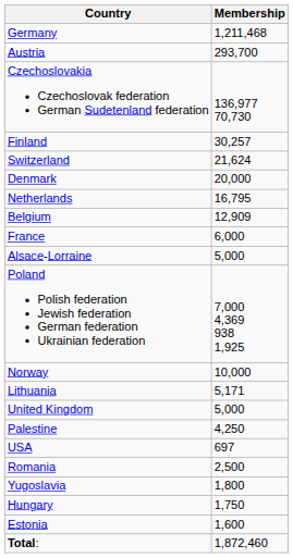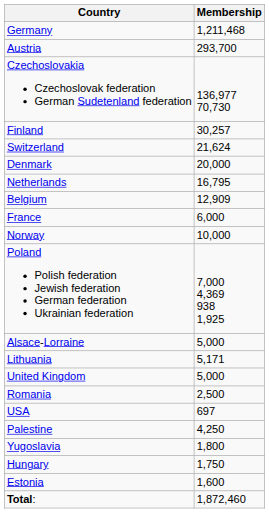 <table class="wikitable sortable">
 <tr>
 <th>Country</th>
 <th>Membership</th>
 </tr>
 <tr>
 <td><a href='#'>Germany</a></td>
 <td>1,211,468</td>
 </tr>
 <tr>
 <td><a href='#'>Austria</a></td>
 <td>293,700</td>
 </tr>
 <tr>
 <td><a href='#'>Czechoslovakia</a><br><ul><li>Czechoslovak federation</li><li>German <a href='#'>Sudetenland</a> federation</li></ul></td>
 <td><br><br>136,977 <br> 70,730</td>
 </tr>
 <tr>
 <td><a href='#'>Finland</a></td>
 <td>30,257</td>
 </tr>
 <tr>
 <td><a href='#'>Switzerland</a></td>
 <td>21,624</td>
 </tr>
 <tr>
 <td><a href='#'>Denmark</a></td>
 <td>20,000</td>
 </tr>
 <tr>
 <td><a href='#'>Netherlands</a></td>
 <td>16,795</td>
 </tr>
 <tr>
 <td><a href='#'>Belgium</a></td>
 <td>12,909</td>
 </tr>
 <tr>
 <td><a href='#'>France</a></td>
 <td>6,000</td>
 </tr>
 <tr>
-<td><a href='#'>Alsace</a>-<a href='#'>Lorraine</a></td>
-<td>5,000</td>
+<td><a href='#'>Norway</a></td>
+<td>10,000</td>
 </tr>
 <tr>
 <td><a href='#'>Poland</a><br><ul><li>Polish federation</li><li>Jewish federation</li><li>German federation</li><li>Ukrainian federation</li></ul></td>
 <td><br><br>7,000<br> 4,369<br> 938<br> 1,925</td>
 </tr>
 <tr>
-<td><a href='#'>Norway</a></td>
-<td>10,000</td>
+<td><a href='#'>Alsace</a>-<a href='#'>Lorraine</a></td>
+<td>5,000</td>
 </tr>
 <tr>
 <td><a href='#'>Lithuania</a></td>
 <td>5,171</td>
 </tr>
 <tr>
 <td><a href='#'>United Kingdom</a></td>
 <td>5,000</td>
 </tr>
 <tr>
-<td><a href='#'>Palestine</a></td>
-<td>4,250</td>
+<td><a href='#'>Romania</a></td>
+<td>2,500</td>
 </tr>
 <tr>
 <td><a href='#'>USA</a></td>
 <td>697</td>
 </tr>
 <tr>
-<td><a href='#'>Romania</a></td>
-<td>2,500</td>
+<td><a href='#'>Palestine</a></td>
+<td>4,250</td>
 </tr>
 <tr>
 <td><a href='#'>Yugoslavia</a></td>
 <td>1,800</td>
 </tr>
 <tr>
 <td><a href='#'>Hungary</a></td>
 <td>1,750</td>
 </tr>
 <tr>
 <td><a href='#'>Estonia</a></td>
 <td>1,600</td>
 </tr>
 <tr>
 <td><strong>Total</strong>:</td>
 <td>1,872,460</td>
 </tr>
 </table>
